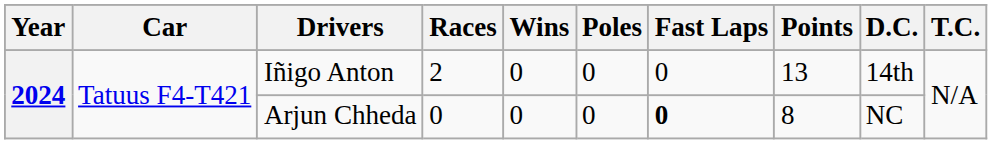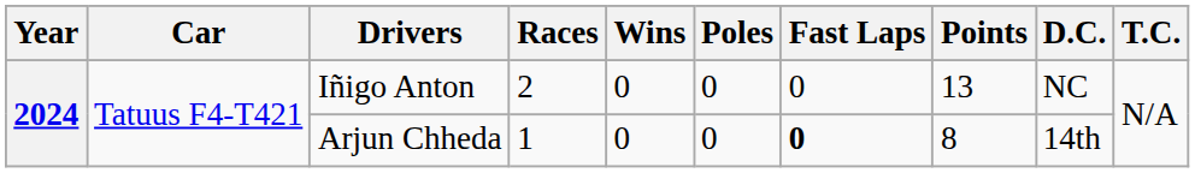 <table class="wikitable" style="font-size: 90%;">
 <tr>
 <th>Year</th>
 <th>Car</th>
 <th>Drivers</th>
 <th>Races</th>
 <th>Wins</th>
 <th>Poles</th>
 <th>Fast Laps</th>
 <th>Points</th>
 <th>D.C.</th>
 <th>T.C.</th>
 </tr>
 <tr>
 <th rowspan="2"><a href='#'>2024</a></th>
 <td rowspan="2"><a href='#'>Tatuus F4-T421</a></td>
 <td> Iñigo Anton</td>
 <td>2</td>
 <td>0</td>
 <td>0</td>
 <td>0</td>
 <td>13</td>
-<td>14th</td>
+<td>NC</td>
 <td rowspan="2">N/A</td>
 </tr>
 <tr>
 <td> Arjun Chheda</td>
-<td>0</td>
+<td>1</td>
 <td>0</td>
 <td>0</td>
 <td><strong>0</strong></td>
 <td>8</td>
-<td>NC</td>
+<td>14th</td>
 </tr>
 </table>
